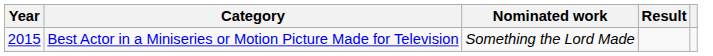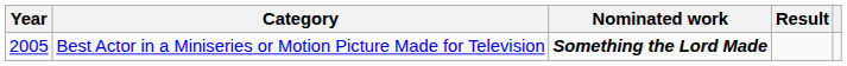 <table class="wikitable">
 <tr>
 <th>Year</th>
 <th>Category</th>
 <th>Nominated work</th>
 <th>Result</th>
 <th scope="col" class="unsortable"></th>
 </tr>
 <tr>
-<td><a href='#'>2015</a></td>
+<td><a href='#'>2005</a></td>
 <td><a href='#'>Best Actor in a Miniseries or Motion Picture Made for Television</a></td>
-<td><em>Something the Lord Made</em></td>
+<td><strong><em>Something the Lord Made</em></strong></td>
 <td></td>
 <td style="text-align: center;"></td>
 </tr>
 </table>
